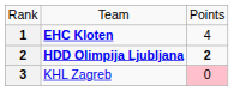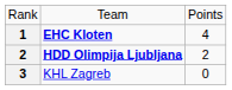 <table class="wikitable" style="text-align: center;">
 <tr>
 <td>Rank</td>
 <td>Team</td>
 <td>Points</td>
 </tr>
 <tr>
 <th>1</th>
 <td style="text-align: left;"> <strong><a href='#'>EHC Kloten</a></strong></td>
 <td>4</td>
 </tr>
 <tr>
 <th>2</th>
 <td style="text-align: left;"> <strong><a href='#'>HDD Olimpija Ljubljana</a></strong></td>
-<td><strong>2</strong></td>
+<td>2</td>
 </tr>
 <tr>
 <th>3</th>
 <td style="text-align: left;"> <a href='#'>KHL Zagreb</a></td>
-<td style="background: pink;">0</td>
+<td>0</td>
 </tr>
 </table>
